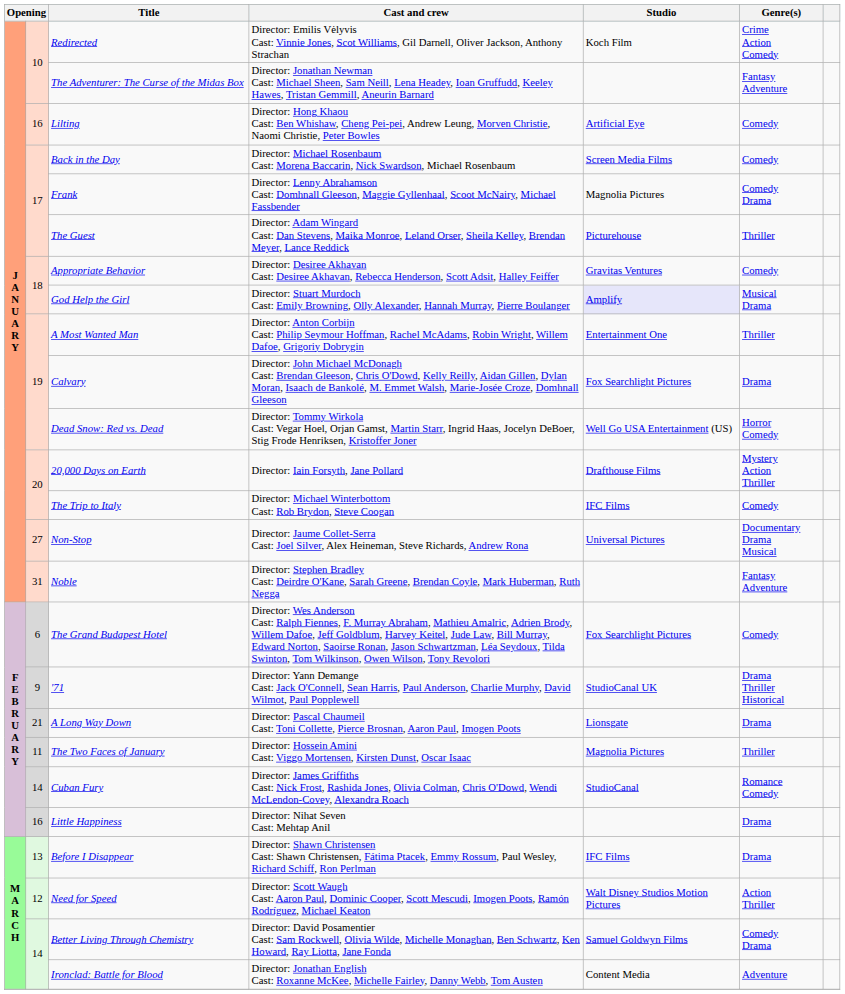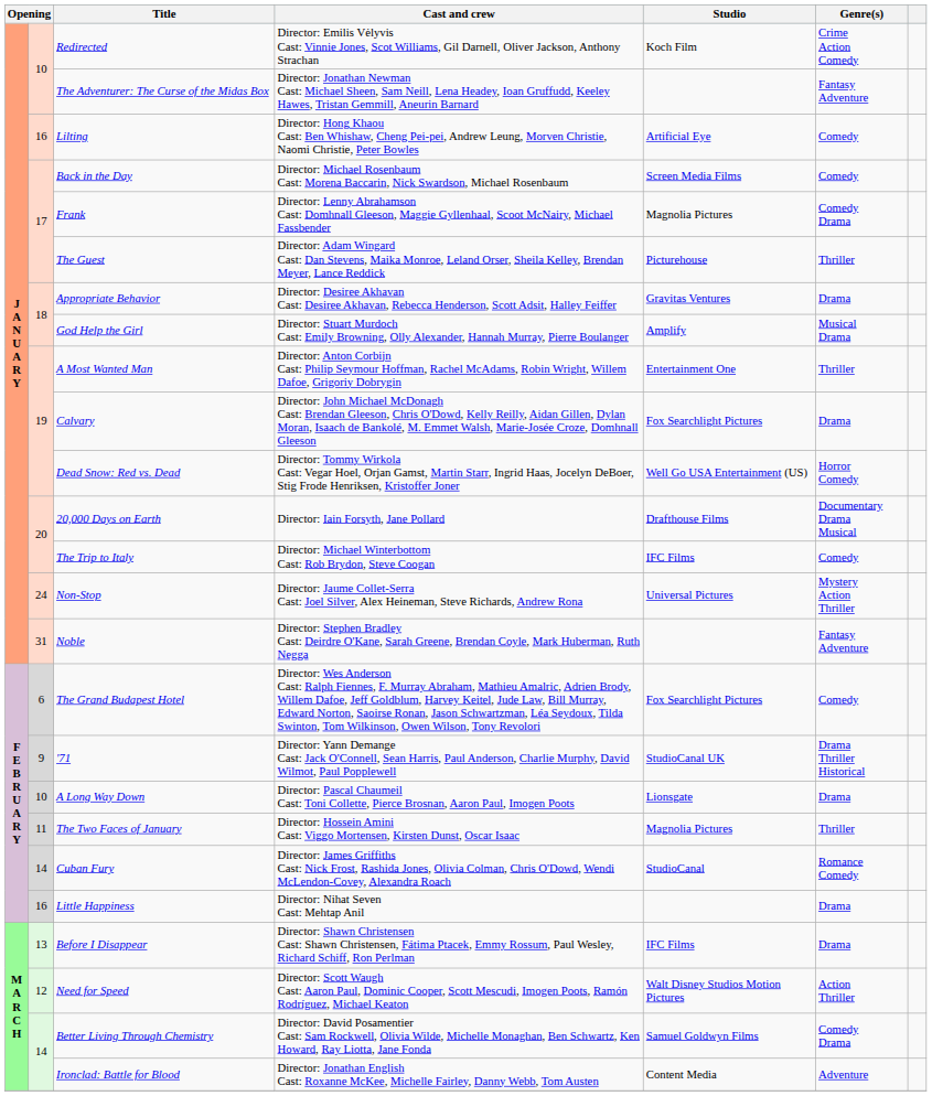 <table class="wikitable sortable plainrowheaders">
 <tr style="background:#b0e0e6; text-align:center;">
 <th colspan="2">Opening</th>
 <th style="width:24%;">Title</th>
 <th style="width:40%;">Cast and crew</th>
 <th>Studio</th>
 <th style="width:10%;">Genre(s)</th>
 <th style="width:2%;"></th>
 </tr>
 <tr>
 <th rowspan="15" style="text-align:center; background:#ffa07a; textcolor:#000;">J <br>A <br>N <br>U <br>A <br>R <br>Y</th>
 <td rowspan="2" style="text-align:center; background:#ffdacc;">10</td>
 <td><em><a href='#'>Redirected</a></em></td>
 <td>Director: Emilis Vėlyvis  <br> Cast: <a href='#'>Vinnie Jones</a>, <a href='#'>Scot Williams</a>, Gil Darnell, Oliver Jackson, Anthony Strachan</td>
 <td>Koch Film</td>
 <td><a href='#'>Crime</a>  <br> <a href='#'>Action</a>  <br> <a href='#'>Comedy</a></td>
 <td style="text-align:center"></td>
 </tr>
 <tr>
 <td><em><a href='#'>The Adventurer: The Curse of the Midas Box</a></em></td>
 <td>Director: <a href='#'>Jonathan Newman</a>  <br> Cast: <a href='#'>Michael Sheen</a>, <a href='#'>Sam Neill</a>, <a href='#'>Lena Headey</a>, <a href='#'>Ioan Gruffudd</a>, <a href='#'>Keeley Hawes</a>, <a href='#'>Tristan Gemmill</a>, <a href='#'>Aneurin Barnard</a></td>
 <td></td>
 <td><a href='#'>Fantasy</a>  <br> <a href='#'>Adventure</a></td>
 <td style="text-align:center"></td>
 </tr>
 <tr>
 <td rowspan="1" style="text-align:center; background:#ffdacc;">16</td>
 <td><em><a href='#'>Lilting</a></em></td>
 <td>Director: <a href='#'>Hong Khaou</a>  <br> Cast: <a href='#'>Ben Whishaw</a>, <a href='#'>Cheng Pei-pei</a>, Andrew Leung, <a href='#'>Morven Christie</a>, Naomi Christie, <a href='#'>Peter Bowles</a></td>
 <td><a href='#'>Artificial Eye</a></td>
 <td><a href='#'>Comedy</a></td>
 <td style="text-align:center"></td>
 </tr>
 <tr>
 <td rowspan="3" style="text-align:center; background:#ffdacc;">17</td>
 <td><em><a href='#'>Back in the Day</a></em></td>
 <td>Director: <a href='#'>Michael Rosenbaum</a>  <br> Cast: <a href='#'>Morena Baccarin</a>, <a href='#'>Nick Swardson</a>, Michael Rosenbaum</td>
 <td><a href='#'>Screen Media Films</a></td>
 <td><a href='#'>Comedy</a></td>
 <td style="text-align:center"></td>
 </tr>
 <tr>
 <td><em><a href='#'>Frank</a></em></td>
 <td>Director: <a href='#'>Lenny Abrahamson</a>  <br> Cast: <a href='#'>Domhnall Gleeson</a>, <a href='#'>Maggie Gyllenhaal</a>, <a href='#'>Scoot McNairy</a>, <a href='#'>Michael Fassbender</a></td>
 <td>Magnolia Pictures</td>
 <td><a href='#'>Comedy</a>  <br> <a href='#'>Drama</a></td>
 <td style="text-align:center"></td>
 </tr>
 <tr>
 <td><em><a href='#'>The Guest</a></em></td>
 <td>Director: <a href='#'>Adam Wingard</a>  <br> Cast: <a href='#'>Dan Stevens</a>, <a href='#'>Maika Monroe</a>, <a href='#'>Leland Orser</a>, <a href='#'>Sheila Kelley</a>, <a href='#'>Brendan Meyer</a>, <a href='#'>Lance Reddick</a></td>
 <td><a href='#'>Picturehouse</a></td>
 <td><a href='#'>Thriller</a></td>
 <td style="text-align:center"></td>
 </tr>
 <tr>
 <td rowspan="2" style="text-align:center; background:#ffdacc;">18</td>
 <td><em><a href='#'>Appropriate Behavior</a></em></td>
 <td>Director: <a href='#'>Desiree Akhavan</a>  <br> Cast: <a href='#'>Desiree Akhavan</a>, <a href='#'>Rebecca Henderson</a>, <a href='#'>Scott Adsit</a>, <a href='#'>Halley Feiffer</a></td>
 <td><a href='#'>Gravitas Ventures</a></td>
-<td><a href='#'>Comedy</a></td>
+<td><a href='#'>Drama</a></td>
 <td style="text-align:center"></td>
 </tr>
 <tr>
 <td><em><a href='#'>God Help the Girl</a></em></td>
 <td>Director: <a href='#'>Stuart Murdoch</a>  <br> Cast: <a href='#'>Emily Browning</a>, <a href='#'>Olly Alexander</a>, <a href='#'>Hannah Murray</a>, <a href='#'>Pierre Boulanger</a></td>
-<td style="background: lavender;"><a href='#'>Amplify</a></td>
+<td><a href='#'>Amplify</a></td>
 <td><a href='#'>Musical</a>  <br> <a href='#'>Drama</a></td>
 <td style="text-align:center"></td>
 </tr>
 <tr>
 <td rowspan="3" style="text-align:center; background:#ffdacc;">19</td>
 <td><em><a href='#'>A Most Wanted Man</a></em></td>
 <td>Director: <a href='#'>Anton Corbijn</a>  <br> Cast: <a href='#'>Philip Seymour Hoffman</a>, <a href='#'>Rachel McAdams</a>, <a href='#'>Robin Wright</a>, <a href='#'>Willem Dafoe</a>, <a href='#'>Grigoriy Dobrygin</a></td>
 <td><a href='#'>Entertainment One</a></td>
 <td><a href='#'>Thriller</a></td>
 <td style="text-align:center"></td>
 </tr>
 <tr>
 <td><em><a href='#'>Calvary</a></em></td>
 <td>Director: <a href='#'>John Michael McDonagh</a>  <br> Cast: <a href='#'>Brendan Gleeson</a>, <a href='#'>Chris O'Dowd</a>, <a href='#'>Kelly Reilly</a>, <a href='#'>Aidan Gillen</a>, <a href='#'>Dylan Moran</a>, <a href='#'>Isaach de Bankolé</a>, <a href='#'>M. Emmet Walsh</a>, <a href='#'>Marie-Josée Croze</a>, <a href='#'>Domhnall Gleeson</a></td>
 <td><a href='#'>Fox Searchlight Pictures</a></td>
 <td><a href='#'>Drama</a></td>
 <td style="text-align:center"></td>
 </tr>
 <tr>
 <td><em><a href='#'>Dead Snow: Red vs. Dead</a></em></td>
 <td>Director: <a href='#'>Tommy Wirkola</a>  <br> Cast: Vegar Hoel, Orjan Gamst, <a href='#'>Martin Starr</a>, Ingrid Haas, Jocelyn DeBoer, Stig Frode Henriksen, <a href='#'>Kristoffer Joner</a></td>
 <td><a href='#'>Well Go USA Entertainment</a> (US)</td>
 <td><a href='#'>Horror</a>  <br> <a href='#'>Comedy</a></td>
 <td style="text-align:center"></td>
 </tr>
 <tr>
 <td rowspan="2" style="text-align:center; background:#ffdacc;">20</td>
 <td><em><a href='#'>20,000 Days on Earth</a></em></td>
 <td>Director: <a href='#'>Iain Forsyth</a>, <a href='#'>Jane Pollard</a></td>
 <td><a href='#'>Drafthouse Films</a></td>
-<td><a href='#'>Mystery</a>  <br> <a href='#'>Action</a>  <br> <a href='#'>Thriller</a></td>
+<td><a href='#'>Documentary</a>  <br> <a href='#'>Drama</a>  <br> <a href='#'>Musical</a></td>
 <td style="text-align:center"></td>
 </tr>
 <tr>
 <td><em><a href='#'>The Trip to Italy</a></em></td>
 <td>Director: <a href='#'>Michael Winterbottom</a>  <br> Cast: <a href='#'>Rob Brydon</a>, <a href='#'>Steve Coogan</a></td>
 <td><a href='#'>IFC Films</a></td>
 <td><a href='#'>Comedy</a></td>
 <td style="text-align:center"></td>
 </tr>
 <tr>
-<td rowspan="1" style="text-align:center; background:#ffdacc;">27</td>
+<td rowspan="1" style="text-align:center; background:#ffdacc;">24</td>
 <td><em><a href='#'>Non-Stop</a></em></td>
 <td>Director: <a href='#'>Jaume Collet-Serra</a>  <br> Cast: <a href='#'>Joel Silver</a>, Alex Heineman, Steve Richards, <a href='#'>Andrew Rona</a></td>
 <td><a href='#'>Universal Pictures</a></td>
-<td><a href='#'>Documentary</a>  <br> <a href='#'>Drama</a>  <br> <a href='#'>Musical</a></td>
+<td><a href='#'>Mystery</a>  <br> <a href='#'>Action</a>  <br> <a href='#'>Thriller</a></td>
 <td style="text-align:center"></td>
 </tr>
 <tr>
 <td rowspan="1" style="text-align:center; background:#ffdacc;">31</td>
 <td><em><a href='#'>Noble</a></em></td>
 <td>Director: <a href='#'>Stephen Bradley</a>  <br> Cast: <a href='#'>Deirdre O'Kane</a>, <a href='#'>Sarah Greene</a>, <a href='#'>Brendan Coyle</a>, <a href='#'>Mark Huberman</a>, <a href='#'>Ruth Negga</a></td>
 <td></td>
 <td><a href='#'>Fantasy</a>  <br> <a href='#'>Adventure</a></td>
 <td style="text-align:center"></td>
 </tr>
 <tr>
 <th rowspan="6" style="text-align:center; background:thistle; textcolor:#000;">F <br>E <br>B <br>R <br>U <br>A <br>R <br>Y</th>
 <td rowspan="1" style="text-align:center; background:#d8d8d8;">6</td>
 <td><em><a href='#'>The Grand Budapest Hotel</a></em></td>
 <td>Director: <a href='#'>Wes Anderson</a>  <br> Cast: <a href='#'>Ralph Fiennes</a>, <a href='#'>F. Murray Abraham</a>, <a href='#'>Mathieu Amalric</a>, <a href='#'>Adrien Brody</a>, <a href='#'>Willem Dafoe</a>, <a href='#'>Jeff Goldblum</a>, <a href='#'>Harvey Keitel</a>, <a href='#'>Jude Law</a>, <a href='#'>Bill Murray</a>, <a href='#'>Edward Norton</a>, <a href='#'>Saoirse Ronan</a>, <a href='#'>Jason Schwartzman</a>, <a href='#'>Léa Seydoux</a>, <a href='#'>Tilda Swinton</a>, <a href='#'>Tom Wilkinson</a>, <a href='#'>Owen Wilson</a>, <a href='#'>Tony Revolori</a></td>
 <td><a href='#'>Fox Searchlight Pictures</a></td>
 <td><a href='#'>Comedy</a></td>
 <td style="text-align:center"></td>
 </tr>
 <tr>
 <td rowspan="1" style="text-align:center; background:#d8d8d8;">9</td>
 <td><em><a href='#'>'71</a></em></td>
 <td>Director: Yann Demange  <br> Cast: <a href='#'>Jack O'Connell</a>, <a href='#'>Sean Harris</a>, <a href='#'>Paul Anderson</a>, <a href='#'>Charlie Murphy</a>, <a href='#'>David Wilmot</a>, <a href='#'>Paul Popplewell</a></td>
 <td><a href='#'>StudioCanal UK</a></td>
 <td><a href='#'>Drama</a>  <br> <a href='#'>Thriller</a>  <br> <a href='#'>Historical</a></td>
 <td style="text-align:center"></td>
 </tr>
 <tr>
-<td rowspan="1" style="text-align:center; background:#d8d8d8;">21</td>
+<td rowspan="1" style="text-align:center; background:#d8d8d8;">10</td>
 <td><em><a href='#'>A Long Way Down</a></em></td>
 <td>Director: <a href='#'>Pascal Chaumeil</a>  <br> Cast: <a href='#'>Toni Collette</a>, <a href='#'>Pierce Brosnan</a>, <a href='#'>Aaron Paul</a>, <a href='#'>Imogen Poots</a></td>
 <td><a href='#'>Lionsgate</a></td>
 <td><a href='#'>Drama</a></td>
 <td style="text-align:center"></td>
 </tr>
 <tr>
 <td rowspan="1" style="text-align:center; background:#d8d8d8;">11</td>
 <td><em><a href='#'>The Two Faces of January</a></em></td>
 <td>Director: <a href='#'>Hossein Amini</a>  <br> Cast: <a href='#'>Viggo Mortensen</a>, <a href='#'>Kirsten Dunst</a>, <a href='#'>Oscar Isaac</a></td>
 <td><a href='#'>Magnolia Pictures</a></td>
 <td><a href='#'>Thriller</a></td>
 <td style="text-align:center"></td>
 </tr>
 <tr>
 <td rowspan="1" style="text-align:center; background:#d8d8d8;">14</td>
 <td><em><a href='#'>Cuban Fury</a></em></td>
 <td>Director:  <a href='#'>James Griffiths</a>  <br> Cast: <a href='#'>Nick Frost</a>, <a href='#'>Rashida Jones</a>, <a href='#'>Olivia Colman</a>, <a href='#'>Chris O'Dowd</a>, <a href='#'>Wendi McLendon-Covey</a>, <a href='#'>Alexandra Roach</a></td>
 <td><a href='#'>StudioCanal</a></td>
 <td><a href='#'>Romance</a>  <br> <a href='#'>Comedy</a></td>
 <td style="text-align:center"></td>
 </tr>
 <tr>
 <td rowspan="1" style="text-align:center; background:#d8d8d8;">16</td>
 <td><em><a href='#'>Little Happiness</a></em></td>
 <td>Director: Nihat Seven  <br> Cast: Mehtap Anil</td>
 <td></td>
 <td><a href='#'>Drama</a></td>
 <td style="text-align:center"></td>
 </tr>
 <tr>
 <th rowspan="4" style="text-align:center; background:#98fb98; textcolor:#000;">M <br>A <br>R <br>C <br>H</th>
 <td rowspan="1" style="text-align:center; background:#e0f9e0;">13</td>
 <td><em><a href='#'>Before I Disappear</a></em></td>
 <td>Director: <a href='#'>Shawn Christensen</a>  <br> Cast: Shawn Christensen, <a href='#'>Fátima Ptacek</a>, <a href='#'>Emmy Rossum</a>, Paul Wesley, <a href='#'>Richard Schiff</a>, <a href='#'>Ron Perlman</a></td>
 <td><a href='#'>IFC Films</a></td>
 <td><a href='#'>Drama</a></td>
 <td style="text-align:center"></td>
 </tr>
 <tr>
 <td rowspan="1" style="text-align:center; background:#e0f9e0;">12</td>
 <td><em><a href='#'>Need for Speed</a></em></td>
 <td>Director: <a href='#'>Scott Waugh</a>  <br> Cast: <a href='#'>Aaron Paul</a>, <a href='#'>Dominic Cooper</a>, <a href='#'>Scott Mescudi</a>, <a href='#'>Imogen Poots</a>, <a href='#'>Ramón Rodríguez</a>, <a href='#'>Michael Keaton</a></td>
 <td><a href='#'>Walt Disney Studios Motion Pictures</a></td>
 <td><a href='#'>Action</a>  <br> <a href='#'>Thriller</a></td>
 <td style="text-align:center"></td>
 </tr>
 <tr>
 <td rowspan="2" style="text-align:center; background:#e0f9e0;">14</td>
 <td><em><a href='#'>Better Living Through Chemistry</a></em></td>
 <td>Director: David Posamentier  <br> Cast: <a href='#'>Sam Rockwell</a>, <a href='#'>Olivia Wilde</a>, <a href='#'>Michelle Monaghan</a>, <a href='#'>Ben Schwartz</a>, <a href='#'>Ken Howard</a>, <a href='#'>Ray Liotta</a>, <a href='#'>Jane Fonda</a></td>
 <td><a href='#'>Samuel Goldwyn Films</a></td>
 <td><a href='#'>Comedy</a>  <br> <a href='#'>Drama</a></td>
 <td style="text-align:center"></td>
 </tr>
 <tr>
 <td><em><a href='#'>Ironclad: Battle for Blood</a></em></td>
 <td>Director: <a href='#'>Jonathan English</a>  <br> Cast: <a href='#'>Roxanne McKee</a>, <a href='#'>Michelle Fairley</a>, <a href='#'>Danny Webb</a>, <a href='#'>Tom Austen</a></td>
 <td>Content Media</td>
 <td><a href='#'>Adventure</a></td>
 <td style="text-align:center"></td>
 </tr>
 <tr>
 </tr>
 </table>
